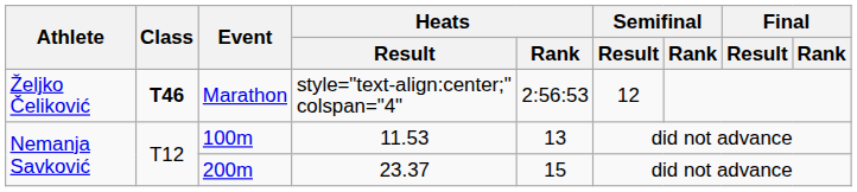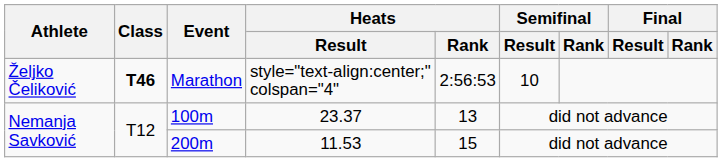 <table class=wikitable style="font-size:90%">
 <tr>
 <th rowspan="2">Athlete</th>
 <th rowspan="2">Class</th>
 <th rowspan="2">Event</th>
 <th colspan="2">Heats</th>
 <th colspan="2">Semifinal</th>
 <th colspan="3">Final</th>
 </tr>
 <tr>
 <th>Result</th>
 <th>Rank</th>
 <th>Result</th>
 <th>Rank</th>
 <th>Result</th>
 <th>Rank</th>
 </tr>
 <tr>
 <td><a href='#'>Željko Čeliković</a></td>
 <td style="text-align:center;"><strong>T46</strong></td>
 <td><a href='#'>Marathon</a></td>
 <td>style="text-align:center;" colspan="4" </td>
 <td style="text-align:center;">2:56:53</td>
-<td style="text-align:center;">12</td>
+<td style="text-align:center;">10</td>
 </tr>
 <tr>
 <td rowspan="2"><a href='#'>Nemanja Savković</a></td>
 <td rowspan="2" style="text-align:center;">T12</td>
 <td><a href='#'>100m</a></td>
-<td style="text-align:center;">11.53</td>
+<td style="text-align:center;">23.37</td>
 <td style="text-align:center;">13</td>
 <td style="text-align:center;" colspan="4">did not advance</td>
 </tr>
 <tr>
 <td><a href='#'>200m</a></td>
-<td style="text-align:center;">23.37</td>
+<td style="text-align:center;">11.53</td>
 <td style="text-align:center;">15</td>
 <td style="text-align:center;" colspan="4">did not advance</td>
 </tr>
 </table>
